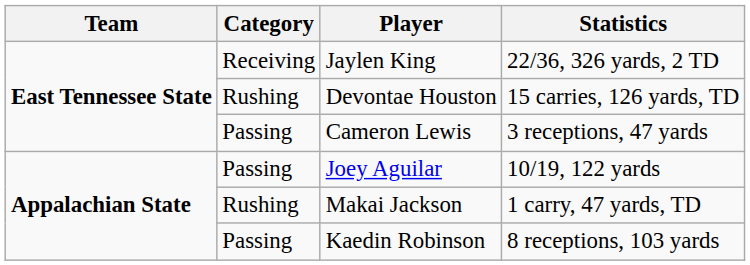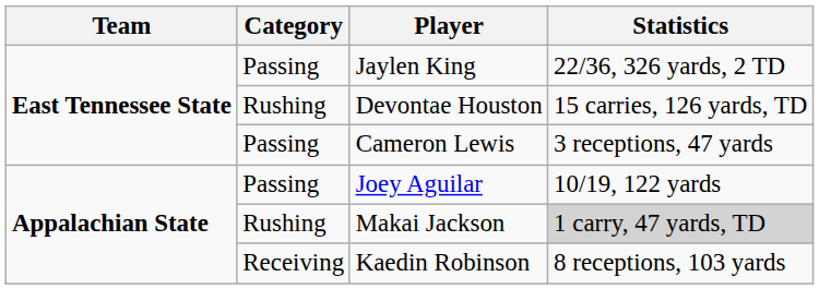 <table class="wikitable" style="float: right;">
 <tr>
 <th>Team</th>
 <th>Category</th>
 <th>Player</th>
 <th>Statistics</th>
 </tr>
 <tr>
 <td rowspan=3><strong>East Tennessee State</strong></td>
-<td>Receiving</td>
+<td>Passing</td>
 <td>Jaylen King</td>
 <td>22/36, 326 yards, 2 TD</td>
 </tr>
 <tr>
 <td>Rushing</td>
 <td>Devontae Houston</td>
 <td>15 carries, 126 yards, TD</td>
 </tr>
 <tr>
 <td>Passing</td>
 <td>Cameron Lewis</td>
 <td>3 receptions, 47 yards</td>
 </tr>
 <tr>
 <td rowspan=3><strong>Appalachian State</strong></td>
 <td>Passing</td>
 <td><a href='#'>Joey Aguilar</a></td>
 <td>10/19, 122 yards</td>
 </tr>
 <tr>
 <td>Rushing</td>
 <td>Makai Jackson</td>
-<td>1 carry, 47 yards, TD</td>
+<td style="background: lightgrey;">1 carry, 47 yards, TD</td>
 </tr>
 <tr>
-<td>Passing</td>
+<td>Receiving</td>
 <td>Kaedin Robinson</td>
 <td>8 receptions, 103 yards</td>
 </tr>
 </table>
